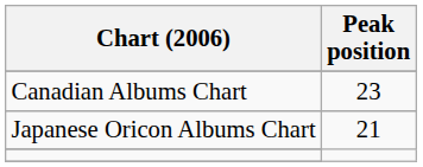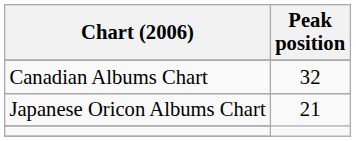 <table class="wikitable sortable" border="1">
 <tr>
 <th>Chart (2006)</th>
 <th>Peak<br>position</th>
 </tr>
 <tr>
 </tr>
 <tr>
 </tr>
 <tr>
 <td>Canadian Albums Chart</td>
-<td align="center">23</td>
+<td align="center">32</td>
 </tr>
 <tr>
 </tr>
 <tr>
 </tr>
 <tr>
 </tr>
 <tr>
 </tr>
 <tr>
 </tr>
 <tr>
 <td>Japanese Oricon Albums Chart</td>
 <td align="center">21</td>
 </tr>
 <tr>
 </tr>
 <tr>
 </tr>
 <tr>
 </tr>
 <tr>
 </tr>
 <tr>
 </tr>
 <tr>
 </tr>
 <tr>
 <td></td>
 </tr>
 <tr>
 </tr>
 <tr>
 </tr>
 </table>
